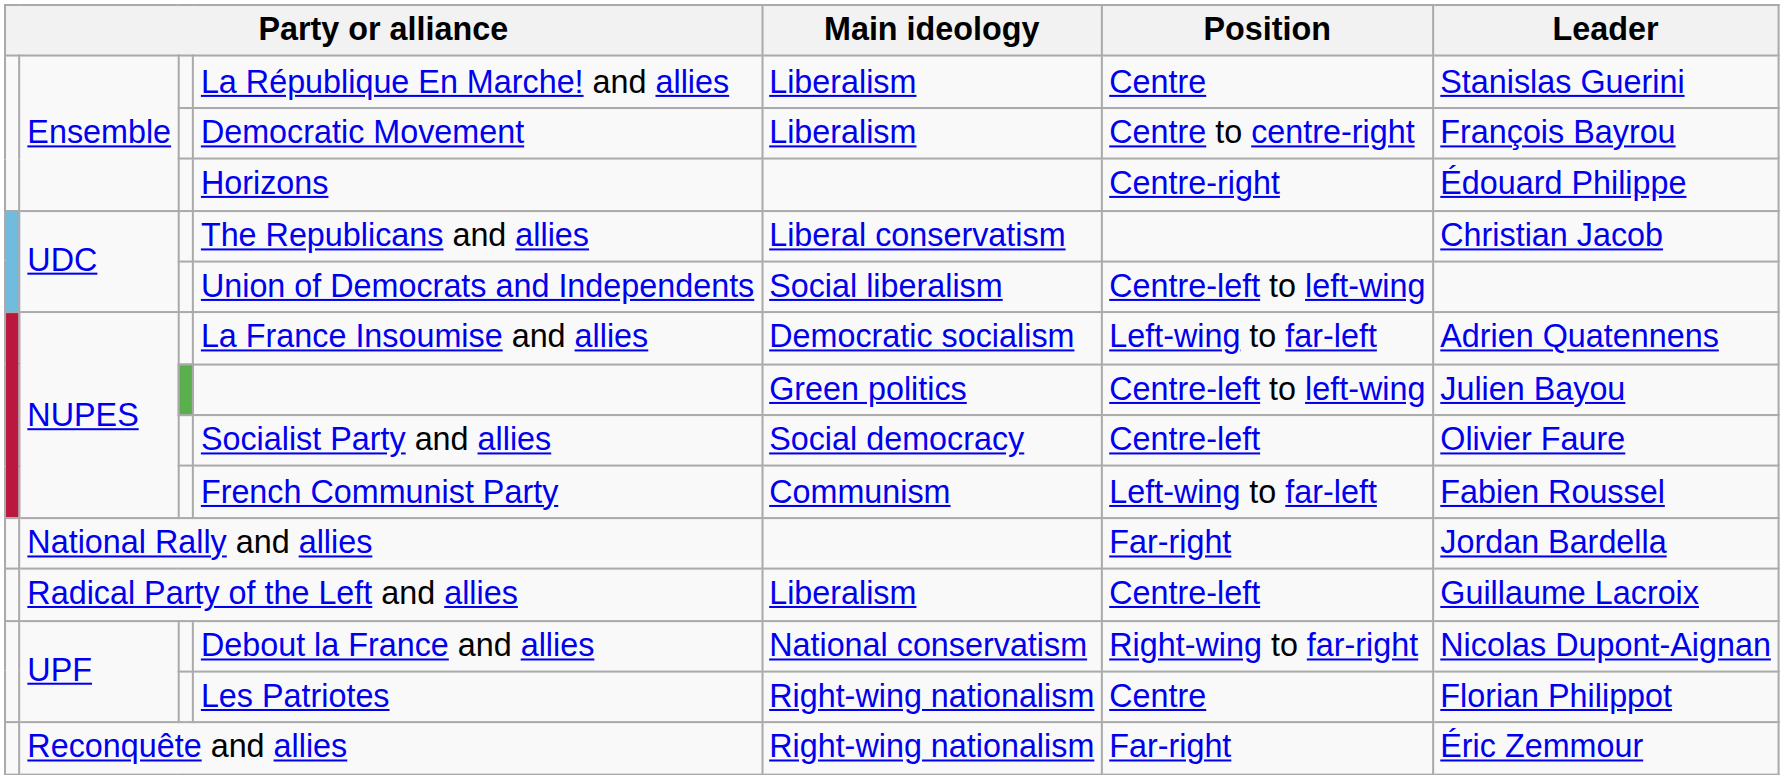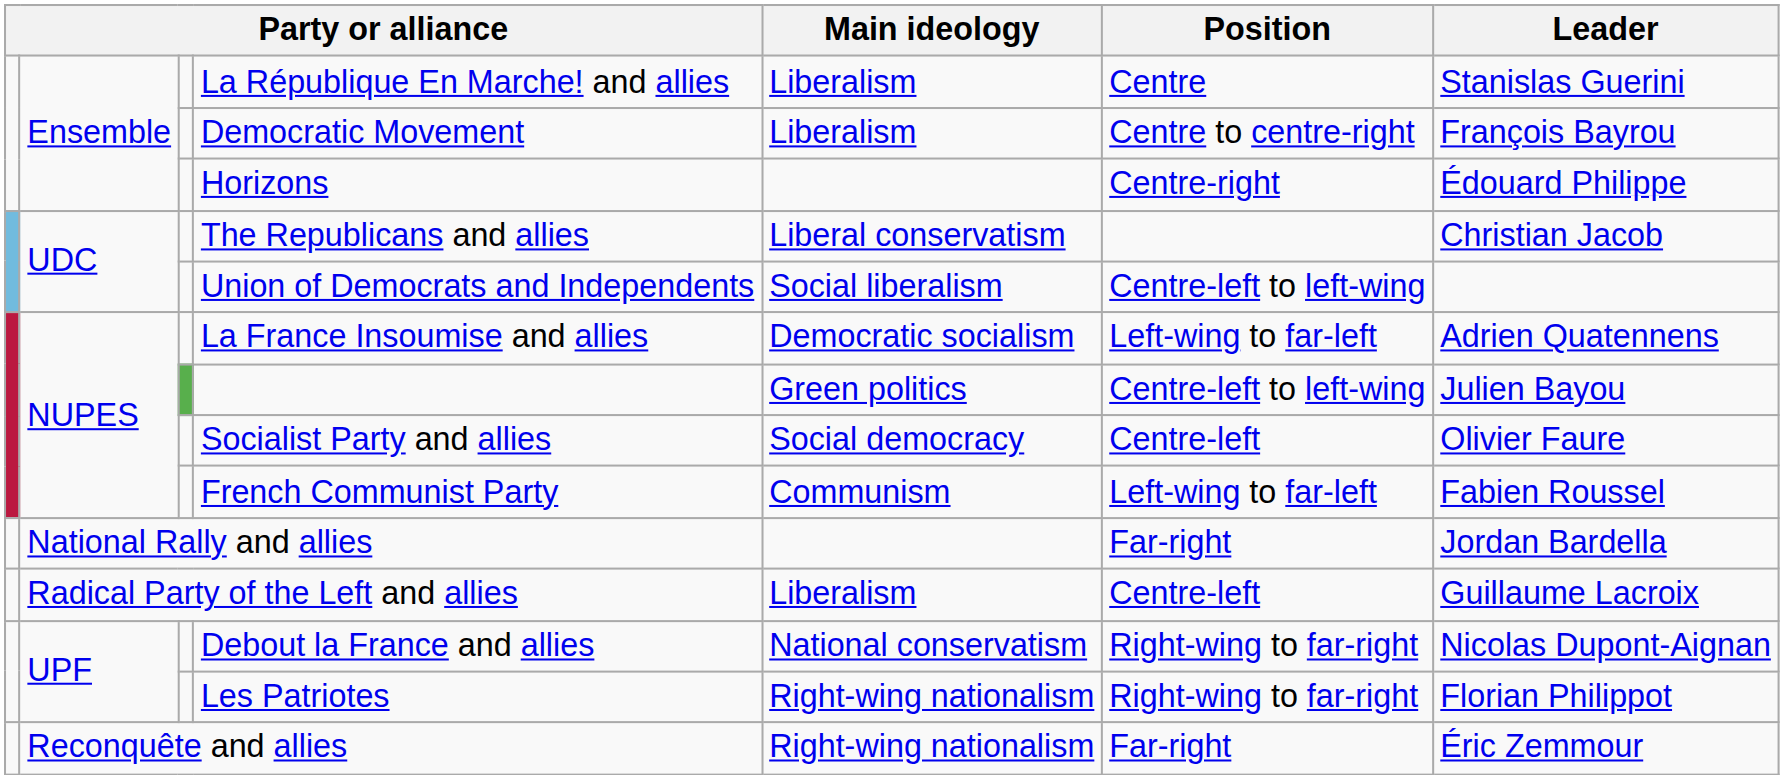 <table class="wikitable">
 <tr>
 <th colspan=4>Party or alliance</th>
 <th>Main ideology</th>
 <th>Position</th>
 <th>Leader</th>
 </tr>
 <tr>
 <td rowspan=3 style="background:"></td>
 <td rowspan=3><a href='#'>Ensemble</a></td>
 <td style="background:"></td>
 <td><a href='#'>La République En Marche!</a> and <a href='#'>allies</a></td>
 <td><a href='#'>Liberalism</a></td>
 <td><a href='#'>Centre</a></td>
 <td><a href='#'>Stanislas Guerini</a></td>
 </tr>
 <tr>
 <td style="background:"></td>
 <td><a href='#'>Democratic Movement</a></td>
 <td><a href='#'>Liberalism</a></td>
 <td><a href='#'>Centre</a> to <a href='#'>centre-right</a></td>
 <td><a href='#'>François Bayrou</a></td>
 </tr>
 <tr>
 <td style="background:"></td>
 <td><a href='#'>Horizons</a></td>
 <td></td>
 <td><a href='#'>Centre-right</a></td>
 <td><a href='#'>Édouard Philippe</a></td>
 </tr>
 <tr>
 <td rowspan=2 bgcolor=#71BBDE></td>
 <td rowspan=2><a href='#'>UDC</a></td>
 <td style="background:"></td>
 <td><a href='#'>The Republicans</a> and <a href='#'>allies</a></td>
 <td><a href='#'>Liberal conservatism</a></td>
 <td></td>
 <td><a href='#'>Christian Jacob</a></td>
 </tr>
 <tr>
 <td style="background:"></td>
 <td><a href='#'>Union of Democrats and Independents</a></td>
 <td><a href='#'>Social liberalism</a></td>
 <td><a href='#'>Centre-left</a> to <a href='#'>left-wing</a></td>
 <td></td>
 </tr>
 <tr>
 <td rowspan=4 bgcolor=#BB1840></td>
 <td rowspan=4><a href='#'>NUPES</a></td>
 <td style="background:"></td>
 <td><a href='#'>La France Insoumise</a> and <a href='#'>allies</a></td>
 <td><a href='#'>Democratic socialism</a></td>
 <td><a href='#'>Left-wing</a> to <a href='#'>far-left</a></td>
 <td><a href='#'>Adrien Quatennens</a></td>
 </tr>
 <tr>
 <td style="background:#58AF4C;"></td>
 <td></td>
 <td><a href='#'>Green politics</a></td>
 <td><a href='#'>Centre-left</a> to <a href='#'>left-wing</a></td>
 <td><a href='#'>Julien Bayou</a></td>
 </tr>
 <tr>
 <td style="background:"></td>
 <td><a href='#'>Socialist Party</a> and <a href='#'>allies</a></td>
 <td><a href='#'>Social democracy</a></td>
 <td><a href='#'>Centre-left</a></td>
 <td><a href='#'>Olivier Faure</a></td>
 </tr>
 <tr>
 <td style="background:"></td>
 <td><a href='#'>French Communist Party</a></td>
 <td><a href='#'>Communism</a></td>
 <td><a href='#'>Left-wing</a> to <a href='#'>far-left</a></td>
 <td><a href='#'>Fabien Roussel</a></td>
 </tr>
 <tr>
 <td style="background:"></td>
 <td colspan=3><a href='#'>National Rally</a> and <a href='#'>allies</a></td>
 <td></td>
 <td><a href='#'>Far-right</a></td>
 <td><a href='#'>Jordan Bardella</a></td>
 </tr>
 <tr>
 <td style="background:"></td>
 <td colspan=3><a href='#'>Radical Party of the Left</a> and <a href='#'>allies</a></td>
 <td><a href='#'>Liberalism</a></td>
 <td><a href='#'>Centre-left</a></td>
 <td><a href='#'>Guillaume Lacroix</a></td>
 </tr>
 <tr>
 <td rowspan=2 style="background:"></td>
 <td rowspan=2><a href='#'>UPF</a></td>
 <td style="background:"></td>
 <td><a href='#'>Debout la France</a> and <a href='#'>allies</a></td>
 <td><a href='#'>National conservatism</a></td>
 <td><a href='#'>Right-wing</a> to <a href='#'>far-right</a></td>
 <td><a href='#'>Nicolas Dupont-Aignan</a></td>
 </tr>
 <tr>
 <td style="background:"></td>
 <td><a href='#'>Les Patriotes</a></td>
 <td><a href='#'>Right-wing nationalism</a></td>
-<td><a href='#'>Centre</a></td>
+<td><a href='#'>Right-wing</a> to <a href='#'>far-right</a></td>
 <td><a href='#'>Florian Philippot</a></td>
 </tr>
 <tr>
 <td style="background:"></td>
 <td colspan=3><a href='#'>Reconquête</a> and <a href='#'>allies</a></td>
 <td><a href='#'>Right-wing nationalism</a></td>
 <td><a href='#'>Far-right</a></td>
 <td><a href='#'>Éric Zemmour</a></td>
 </tr>
 </table>
